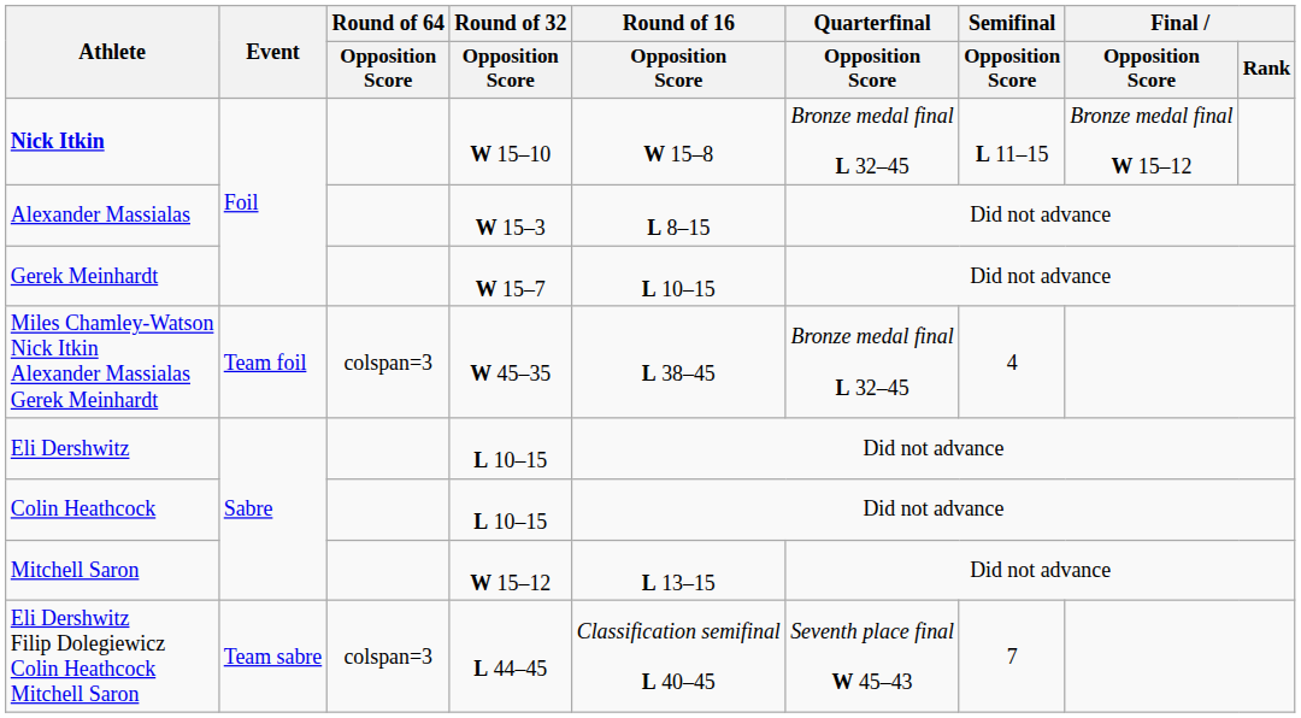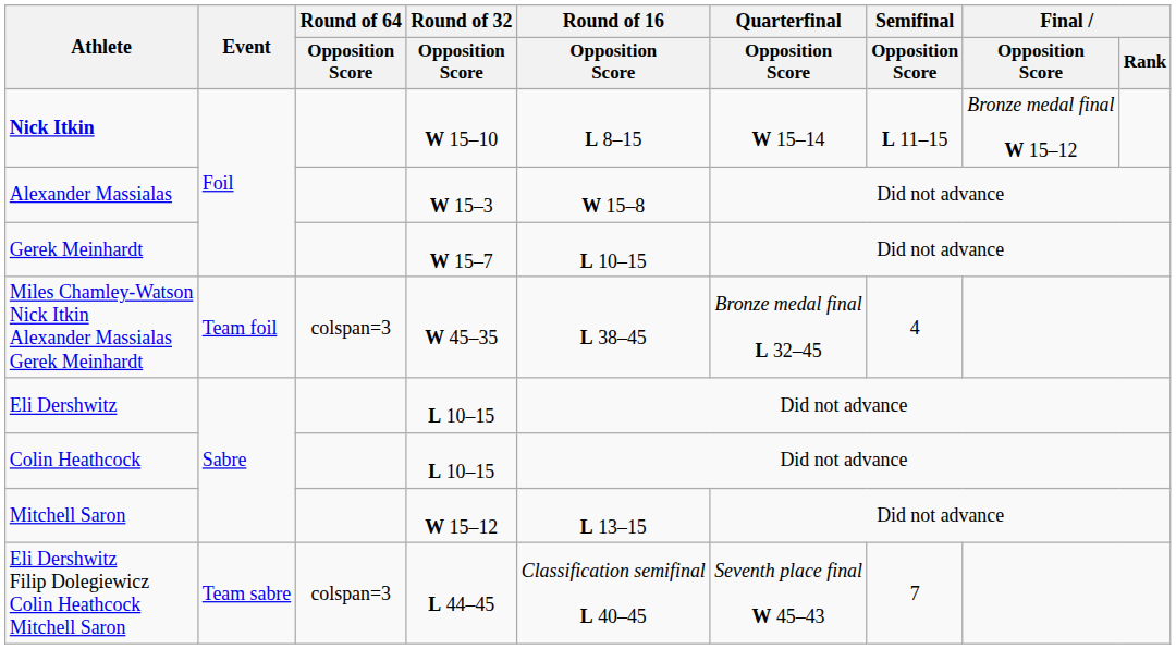 <table class=wikitable style=font-size:90%;text-align:center>
 <tr>
 <th rowspan=2>Athlete</th>
 <th rowspan=2>Event</th>
 <th>Round of 64</th>
 <th>Round of 32</th>
 <th>Round of 16</th>
 <th>Quarterfinal</th>
 <th>Semifinal</th>
 <th colspan=2>Final / </th>
 </tr>
 <tr style=font-size:95%>
 <th>Opposition<br>Score</th>
 <th>Opposition<br>Score</th>
 <th>Opposition<br>Score</th>
 <th>Opposition<br>Score</th>
 <th>Opposition<br>Score</th>
 <th>Opposition<br>Score</th>
 <th>Rank</th>
 </tr>
 <tr>
 <td align=left><strong><a href='#'>Nick Itkin</a></strong></td>
 <td align=left rowspan=3><a href='#'>Foil</a></td>
 <td></td>
 <td><br><strong>W</strong> 15–10</td>
-<td><br><strong>W</strong> 15–8</td>
-<td><em>Bronze medal final</em><br><br><strong>L</strong> 32–45</td>
+<td><br><strong>L</strong> 8–15</td>
+<td><br><strong>W</strong> 15–14</td>
 <td><br><strong>L</strong> 11–15</td>
 <td><em>Bronze medal final</em><br><br><strong>W</strong> 15–12</td>
 <td></td>
 </tr>
 <tr>
 <td align=left><a href='#'>Alexander Massialas</a></td>
 <td></td>
 <td><br><strong>W</strong> 15–3</td>
-<td><br><strong>L</strong> 8–15</td>
+<td><br><strong>W</strong> 15–8</td>
 <td colspan=4>Did not advance</td>
 </tr>
 <tr>
 <td align=left><a href='#'>Gerek Meinhardt</a></td>
 <td></td>
 <td><br><strong>W</strong> 15–7</td>
 <td><br><strong>L</strong> 10–15</td>
 <td colspan=4>Did not advance</td>
 </tr>
 <tr>
 <td align=left><a href='#'>Miles Chamley-Watson</a> <br><a href='#'>Nick Itkin</a><br><a href='#'>Alexander Massialas</a><br><a href='#'>Gerek Meinhardt</a></td>
 <td align=left><a href='#'>Team foil</a></td>
 <td>colspan=3 </td>
 <td><br><strong>W</strong> 45–35</td>
 <td><br><strong>L</strong> 38–45</td>
 <td><em>Bronze medal final</em><br><br><strong>L</strong> 32–45</td>
 <td>4</td>
 </tr>
 <tr>
 <td align=left><a href='#'>Eli Dershwitz</a></td>
 <td align=left rowspan=3><a href='#'>Sabre</a></td>
 <td></td>
 <td><br><strong>L</strong> 10–15</td>
 <td colspan=5>Did not advance</td>
 </tr>
 <tr>
 <td align=left><a href='#'>Colin Heathcock</a></td>
 <td></td>
 <td><br><strong>L</strong> 10–15</td>
 <td colspan=5>Did not advance</td>
 </tr>
 <tr>
 <td align=left><a href='#'>Mitchell Saron</a></td>
 <td></td>
 <td><br><strong>W</strong> 15–12</td>
 <td><br><strong>L</strong> 13–15</td>
 <td colspan=4>Did not advance</td>
 </tr>
 <tr>
 <td align=left><a href='#'>Eli Dershwitz</a><br>Filip Dolegiewicz<br><a href='#'>Colin Heathcock</a><br><a href='#'>Mitchell Saron</a></td>
 <td align=left><a href='#'>Team sabre</a></td>
 <td>colspan=3 </td>
 <td><br><strong>L</strong> 44–45</td>
 <td><em>Classification semifinal</em><br><br><strong>L</strong> 40–45</td>
 <td><em>Seventh place final</em><br><br><strong>W</strong> 45–43</td>
 <td>7</td>
 </tr>
 </table>
